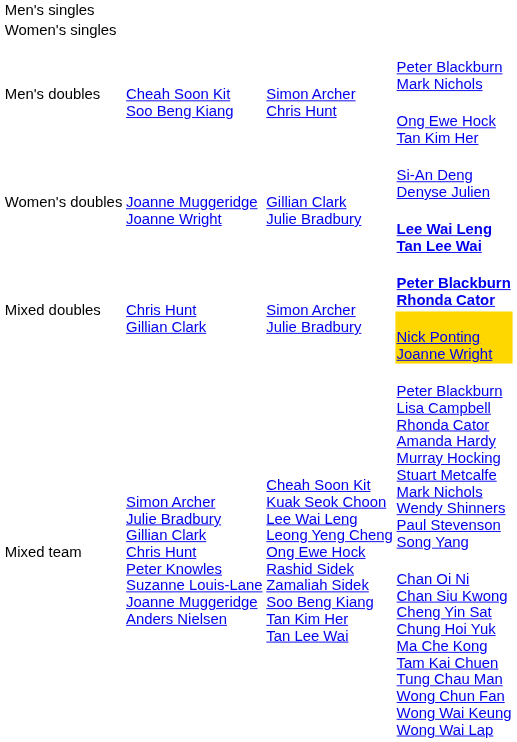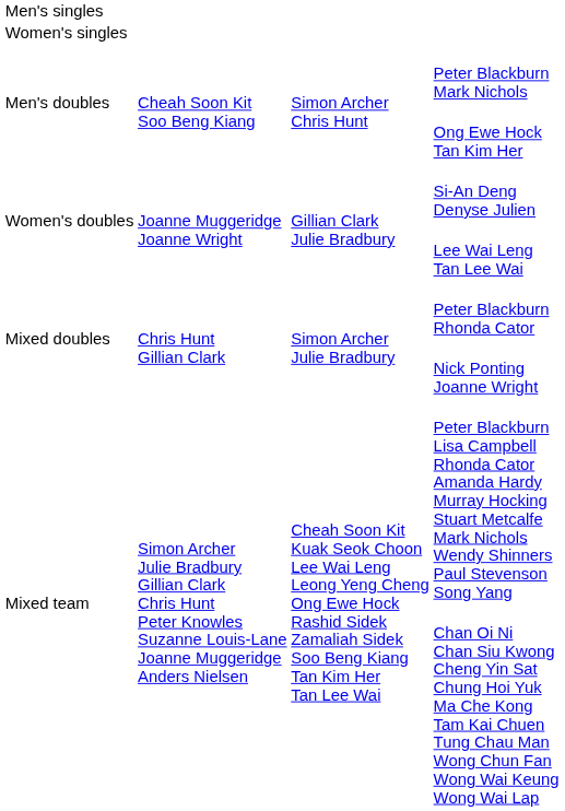 <table>
 <tr>
 <td rowspan=2>Men's singles</td>
 <td rowspan=2></td>
 <td rowspan=2></td>
 <td></td>
 </tr>
 <tr>
 <td></td>
 </tr>
 <tr>
 <td rowspan=2>Women's singles</td>
 <td rowspan=2></td>
 <td rowspan=2></td>
 <td></td>
 </tr>
 <tr>
 <td></td>
 </tr>
 <tr>
 <td rowspan=2>Men's doubles</td>
 <td rowspan=2><br><a href='#'>Cheah Soon Kit</a><br><a href='#'>Soo Beng Kiang</a></td>
 <td rowspan=2><br><a href='#'>Simon Archer</a> <br><a href='#'>Chris Hunt</a></td>
 <td><br><a href='#'>Peter Blackburn</a><br><a href='#'>Mark Nichols</a></td>
 </tr>
 <tr>
 <td><br><a href='#'>Ong Ewe Hock</a><br><a href='#'>Tan Kim Her</a></td>
 </tr>
 <tr>
 <td rowspan=2>Women's doubles</td>
 <td rowspan=2><br><a href='#'>Joanne Muggeridge</a><br><a href='#'>Joanne Wright</a></td>
 <td rowspan=2><br><a href='#'>Gillian Clark</a><br><a href='#'>Julie Bradbury</a></td>
 <td><br><a href='#'>Si-An Deng</a><br><a href='#'>Denyse Julien</a></td>
 </tr>
 <tr>
-<td><strong><br><a href='#'>Lee Wai Leng</a><br><a href='#'>Tan Lee Wai</a></strong></td>
+<td><br><a href='#'>Lee Wai Leng</a><br><a href='#'>Tan Lee Wai</a></td>
 </tr>
 <tr>
 <td rowspan=2>Mixed doubles</td>
 <td rowspan=2><br><a href='#'>Chris Hunt</a><br><a href='#'>Gillian Clark</a></td>
 <td rowspan=2><br><a href='#'>Simon Archer</a><br><a href='#'>Julie Bradbury</a></td>
-<td><strong><br><a href='#'>Peter Blackburn</a><br><a href='#'>Rhonda Cator</a></strong></td>
+<td><br><a href='#'>Peter Blackburn</a><br><a href='#'>Rhonda Cator</a></td>
 </tr>
 <tr>
-<td style="background: gold;"><br><a href='#'>Nick Ponting</a><br><a href='#'>Joanne Wright</a></td>
+<td><br><a href='#'>Nick Ponting</a><br><a href='#'>Joanne Wright</a></td>
 </tr>
 <tr>
 <td rowspan=2>Mixed team</td>
 <td rowspan=2><br><a href='#'>Simon Archer</a><br><a href='#'>Julie Bradbury</a><br><a href='#'>Gillian Clark</a><br><a href='#'>Chris Hunt</a><br><a href='#'>Peter Knowles</a><br><a href='#'>Suzanne Louis-Lane</a><br><a href='#'>Joanne Muggeridge</a><br><a href='#'>Anders Nielsen</a></td>
 <td rowspan=2><br><a href='#'>Cheah Soon Kit</a><br><a href='#'>Kuak Seok Choon</a><br><a href='#'>Lee Wai Leng</a><br><a href='#'>Leong Yeng Cheng</a><br><a href='#'>Ong Ewe Hock</a><br><a href='#'>Rashid Sidek</a><br><a href='#'>Zamaliah Sidek</a><br><a href='#'>Soo Beng Kiang</a><br><a href='#'>Tan Kim Her</a><br><a href='#'>Tan Lee Wai</a></td>
 <td><br><a href='#'>Peter Blackburn</a><br><a href='#'>Lisa Campbell</a><br><a href='#'>Rhonda Cator</a><br><a href='#'>Amanda Hardy</a><br><a href='#'>Murray Hocking</a><br><a href='#'>Stuart Metcalfe</a><br><a href='#'>Mark Nichols</a><br><a href='#'>Wendy Shinners</a><br><a href='#'>Paul Stevenson</a><br><a href='#'>Song Yang</a></td>
 </tr>
 <tr>
 <td><br><a href='#'>Chan Oi Ni</a><br><a href='#'>Chan Siu Kwong</a><br><a href='#'>Cheng Yin Sat</a><br><a href='#'>Chung Hoi Yuk</a><br><a href='#'>Ma Che Kong</a><br><a href='#'>Tam Kai Chuen</a><br><a href='#'>Tung Chau Man</a><br><a href='#'>Wong Chun Fan</a><br><a href='#'>Wong Wai Keung</a><br><a href='#'>Wong Wai Lap</a></td>
 </tr>
 </table>
